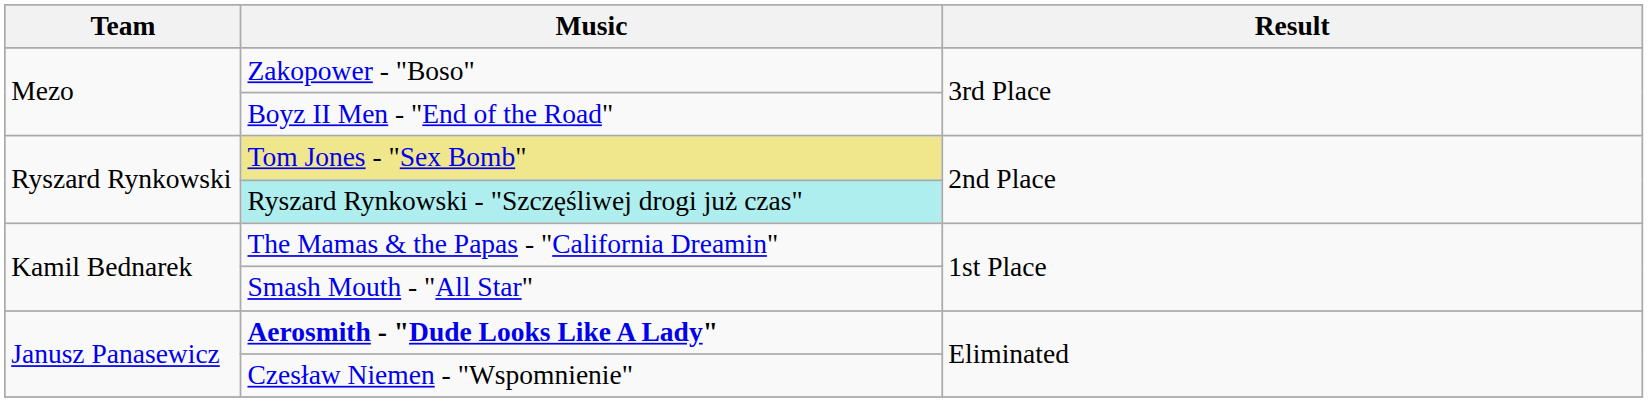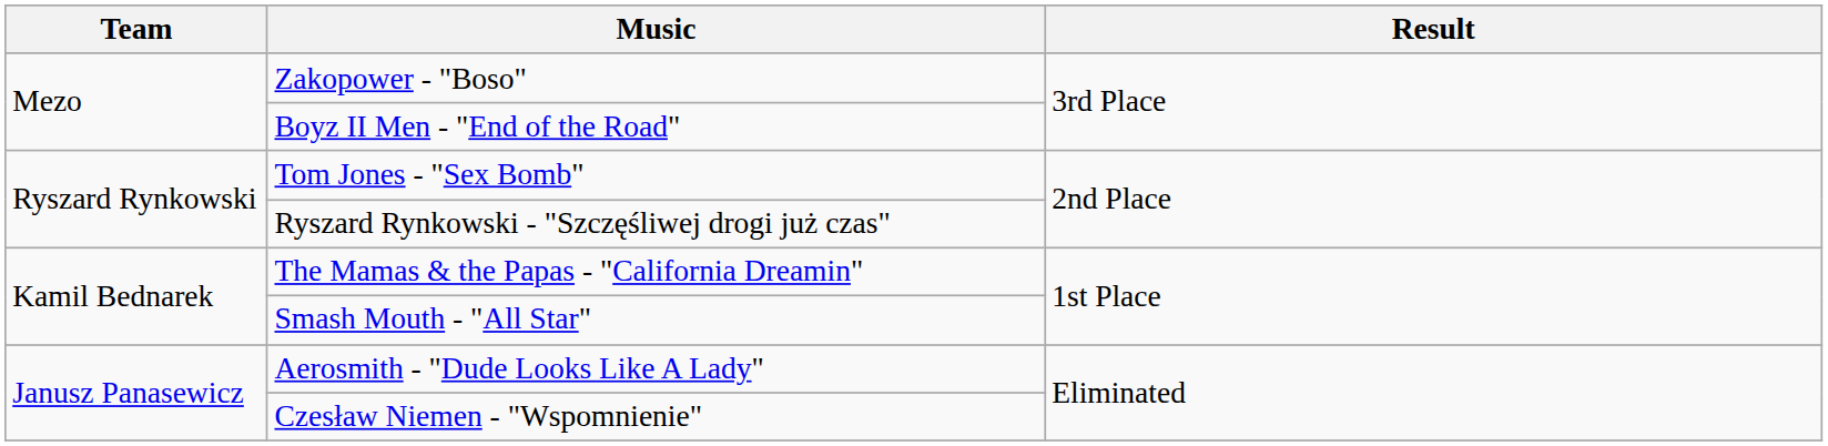 <table class="wikitable">
 <tr>
 <th style="width:130px;">Team</th>
 <th style="width:400px;">Music</th>
 <th style="width:400px;">Result</th>
 </tr>
 <tr>
 <td rowspan="2">Mezo</td>
 <td><a href='#'>Zakopower</a> - "Boso"</td>
 <td rowspan="2">3rd Place</td>
 </tr>
 <tr>
 <td><a href='#'>Boyz II Men</a> - "<a href='#'>End of the Road</a>"</td>
 </tr>
 <tr>
 <td rowspan="2">Ryszard Rynkowski</td>
-<td style="background: khaki;"><a href='#'>Tom Jones</a> - "<a href='#'>Sex Bomb</a>"</td>
+<td><a href='#'>Tom Jones</a> - "<a href='#'>Sex Bomb</a>"</td>
 <td rowspan="2">2nd Place</td>
 </tr>
 <tr>
-<td style="background: paleturquoise;">Ryszard Rynkowski - "Szczęśliwej drogi już czas"</td>
+<td>Ryszard Rynkowski - "Szczęśliwej drogi już czas"</td>
 </tr>
 <tr>
 <td rowspan="2">Kamil Bednarek</td>
 <td><a href='#'>The Mamas & the Papas</a> - "<a href='#'>California Dreamin</a>"</td>
 <td rowspan="2">1st Place</td>
 </tr>
 <tr>
 <td><a href='#'>Smash Mouth</a> - "<a href='#'>All Star</a>"</td>
 </tr>
 <tr>
 <td rowspan="2"><a href='#'>Janusz Panasewicz</a></td>
-<td><strong><a href='#'>Aerosmith</a> - "<a href='#'>Dude Looks Like A Lady</a>"</strong></td>
+<td><a href='#'>Aerosmith</a> - "<a href='#'>Dude Looks Like A Lady</a>"</td>
 <td rowspan="2">Eliminated</td>
 </tr>
 <tr>
 <td><a href='#'>Czesław Niemen</a> - "Wspomnienie"</td>
 </tr>
 </table>
